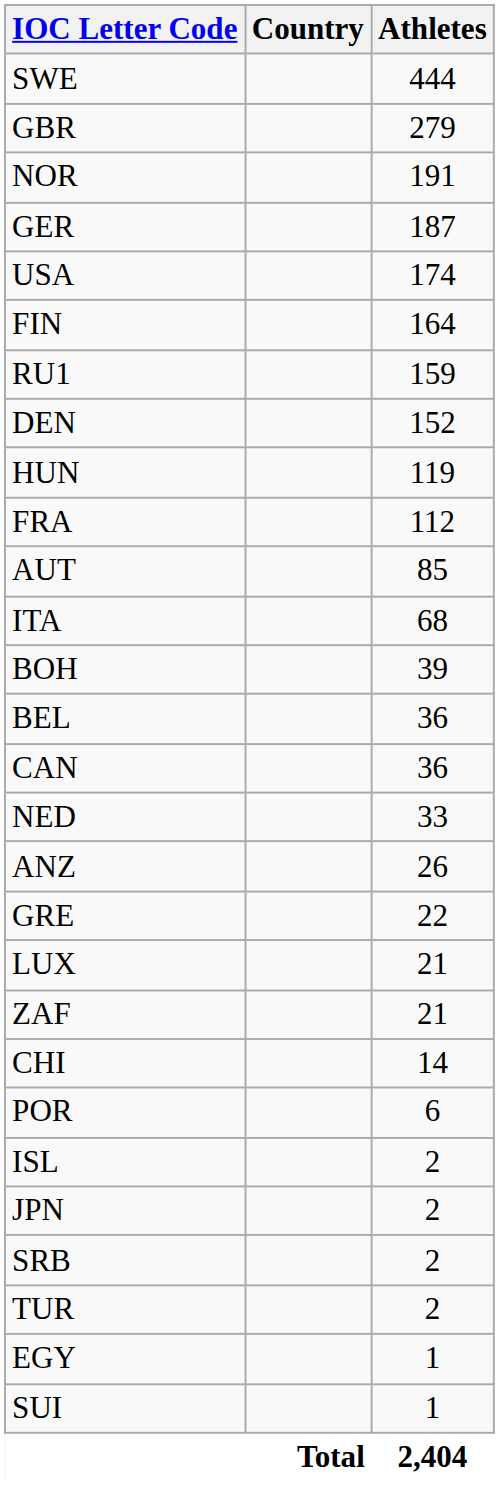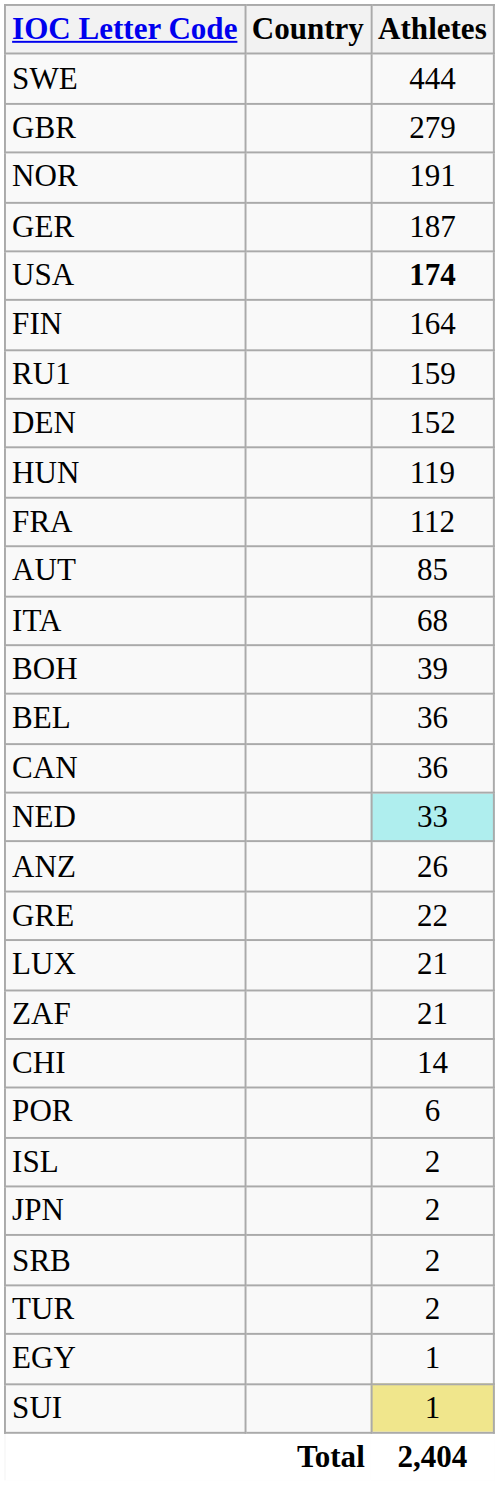 <table class="wikitable collapsible collapsed sortable" style="border:0;">
 <tr>
 <th><a href='#'>IOC Letter Code</a></th>
 <th>Country</th>
 <th>Athletes</th>
 </tr>
 <tr>
 <td>SWE</td>
 <td></td>
 <td align=center>444</td>
 </tr>
 <tr>
 <td>GBR</td>
 <td></td>
 <td align=center>279</td>
 </tr>
 <tr>
 <td>NOR</td>
 <td></td>
 <td align=center>191</td>
 </tr>
 <tr>
 <td>GER</td>
 <td></td>
 <td align=center>187</td>
 </tr>
 <tr>
 <td>USA</td>
 <td></td>
-<td align=center>174</td>
+<td align=center><strong>174</strong></td>
 </tr>
 <tr>
 <td>FIN</td>
 <td></td>
 <td align=center>164</td>
 </tr>
 <tr>
 <td>RU1</td>
 <td></td>
 <td align=center>159</td>
 </tr>
 <tr>
 <td>DEN</td>
 <td></td>
 <td align=center>152</td>
 </tr>
 <tr>
 <td>HUN</td>
 <td></td>
 <td align=center>119</td>
 </tr>
 <tr>
 <td>FRA</td>
 <td></td>
 <td align=center>112</td>
 </tr>
 <tr>
 <td>AUT</td>
 <td></td>
 <td align=center>85</td>
 </tr>
 <tr>
 <td>ITA</td>
 <td></td>
 <td align=center>68</td>
 </tr>
 <tr>
 <td>BOH</td>
 <td></td>
 <td align=center>39</td>
 </tr>
 <tr>
 <td>BEL</td>
 <td></td>
 <td align=center>36</td>
 </tr>
 <tr>
 <td>CAN</td>
 <td></td>
 <td align=center>36</td>
 </tr>
 <tr>
 <td>NED</td>
 <td></td>
-<td align=center>33</td>
+<td align=center style="background: paleturquoise;">33</td>
 </tr>
 <tr>
 <td>ANZ</td>
 <td></td>
 <td align=center>26</td>
 </tr>
 <tr>
 <td>GRE</td>
 <td></td>
 <td align=center>22</td>
 </tr>
 <tr>
 <td>LUX</td>
 <td></td>
 <td align=center>21</td>
 </tr>
 <tr>
 <td>ZAF</td>
 <td></td>
 <td align=center>21</td>
 </tr>
 <tr>
 <td>CHI</td>
 <td></td>
 <td align=center>14</td>
 </tr>
 <tr>
 <td>POR</td>
 <td></td>
 <td align=center>6</td>
 </tr>
 <tr>
 <td>ISL</td>
 <td></td>
 <td align=center>2</td>
 </tr>
 <tr>
 <td>JPN</td>
 <td></td>
 <td align=center>2</td>
 </tr>
 <tr>
 <td>SRB</td>
 <td></td>
 <td align=center>2</td>
 </tr>
 <tr>
 <td>TUR</td>
 <td></td>
 <td align=center>2</td>
 </tr>
 <tr>
 <td>EGY</td>
 <td></td>
 <td align=center>1</td>
 </tr>
 <tr>
 <td>SUI</td>
 <td></td>
-<td align=center>1</td>
+<td align=center style="background: khaki;">1</td>
 </tr>
 <tr class="sortbottom">
 <td colspan=2; style="text-align:right; border:0px; background:#fff;"><strong>Total</strong></td>
 <td style="text-align:center; border:0px; background:#fff;"><strong>2,404</strong></td>
 </tr>
 <tr>
 </tr>
 </table>
